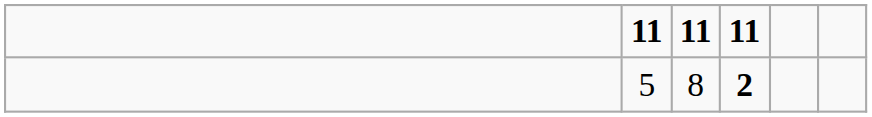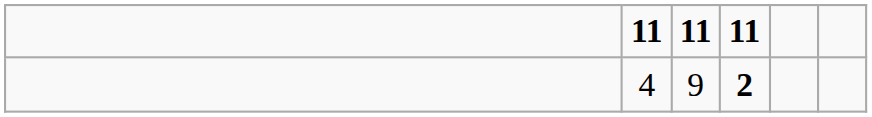 <table class="wikitable">
 <tr>
 <td style="width:18em"><strong></strong></td>
 <td align=center style="width:1em"><strong>11</strong></td>
 <td align=center style="width:1em"><strong>11</strong></td>
 <td align=center style="width:1em"><strong>11</strong></td>
 <td align=center style="width:1em"></td>
 <td align=center style="width:1em"></td>
 </tr>
 <tr>
 <td style="width:18em"></td>
-<td align=center style="width:1em">5</td>
-<td align=center style="width:1em">8</td>
+<td align=center style="width:1em">4</td>
+<td align=center style="width:1em">9</td>
 <td align=center style="width:1em"><strong>2</strong></td>
 <td align=center style="width:1em"></td>
 <td align=center style="width:1em"></td>
 </tr>
 </table>
